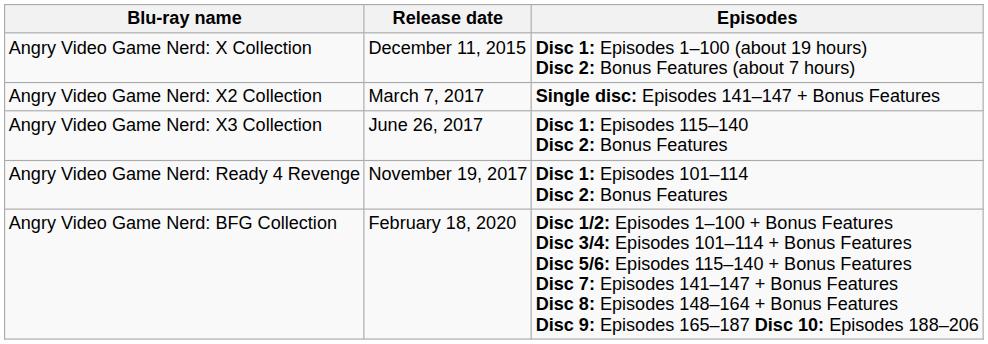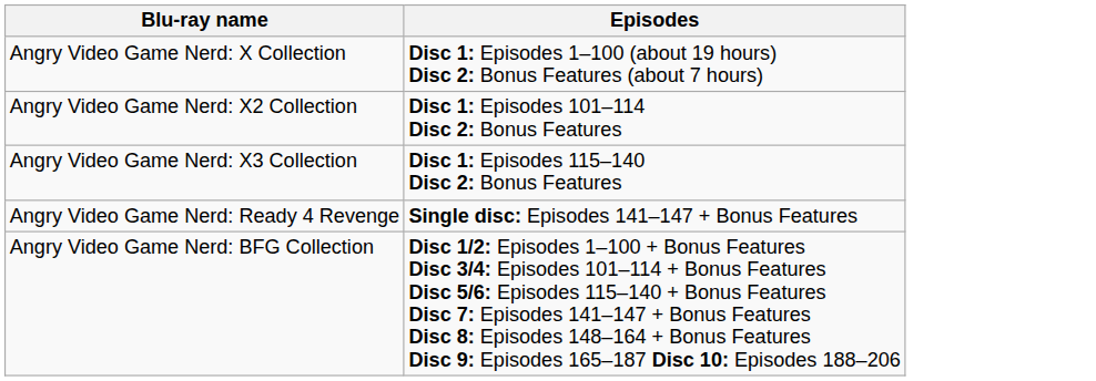 <table class="wikitable" 85%; 100%; 5px;">
 <tr>
 <th>Blu-ray name</th>
-<th>Release date</th>
 <th>Episodes</th>
 </tr>
 <tr>
 <td valign="top">Angry Video Game Nerd: X Collection</td>
-<td valign="top">December 11, 2015</td>
 <td valign="top"><strong>Disc 1:</strong> Episodes 1–100 (about 19 hours) <br> <strong>Disc 2:</strong> Bonus Features (about 7 hours)</td>
 </tr>
 <tr>
 <td valign="top">Angry Video Game Nerd: X2 Collection</td>
-<td valign="top">March 7, 2017</td>
-<td valign="top"><strong>Single disc:</strong> Episodes 141–147 + Bonus Features</td>
+<td valign="top"><strong>Disc 1:</strong> Episodes 101–114 <br> <strong>Disc 2:</strong> Bonus Features</td>
 </tr>
 <tr>
 <td valign="top">Angry Video Game Nerd: X3 Collection</td>
-<td valign="top">June 26, 2017</td>
 <td valign="top"><strong>Disc 1:</strong> Episodes 115–140 <br> <strong>Disc 2:</strong> Bonus Features</td>
 </tr>
 <tr>
 <td valign="top">Angry Video Game Nerd: Ready 4 Revenge</td>
-<td valign="top">November 19, 2017</td>
-<td valign="top"><strong>Disc 1:</strong> Episodes 101–114 <br> <strong>Disc 2:</strong> Bonus Features</td>
+<td valign="top"><strong>Single disc:</strong> Episodes 141–147 + Bonus Features</td>
 </tr>
 <tr>
 <td valign="top">Angry Video Game Nerd: BFG Collection</td>
-<td valign="top">February 18, 2020</td>
 <td valign="top"><strong>Disc 1/2:</strong> Episodes 1–100 + Bonus Features <br> <strong>Disc 3/4:</strong> Episodes 101–114 + Bonus Features <br> <strong>Disc 5/6:</strong> Episodes 115–140 + Bonus Features <br> <strong>Disc 7:</strong> Episodes 141–147 + Bonus Features <br> <strong>Disc 8:</strong> Episodes 148–164 + Bonus Features<br><strong>Disc 9:</strong> Episodes 165–187 <strong>Disc 10:</strong> Episodes 188–206</td>
 </tr>
 </table>
